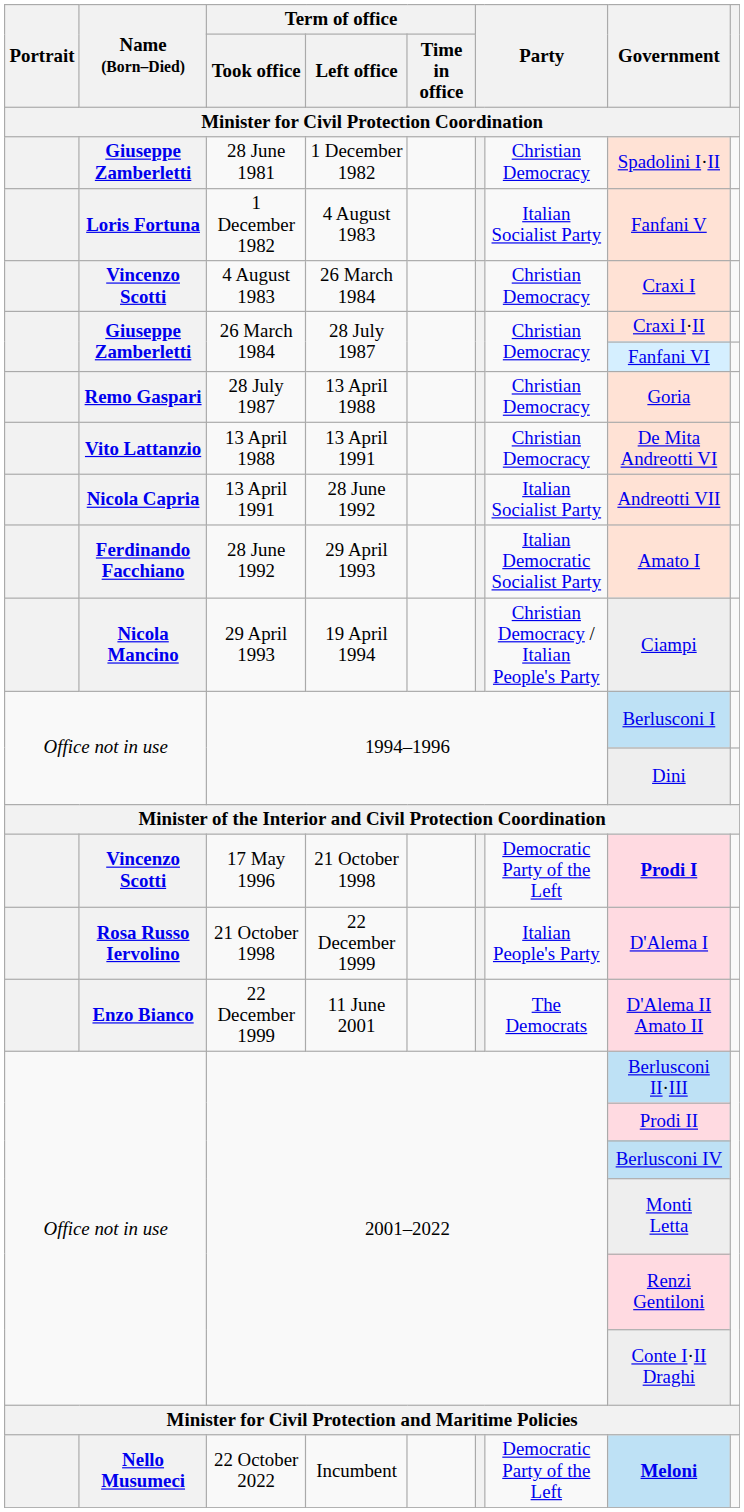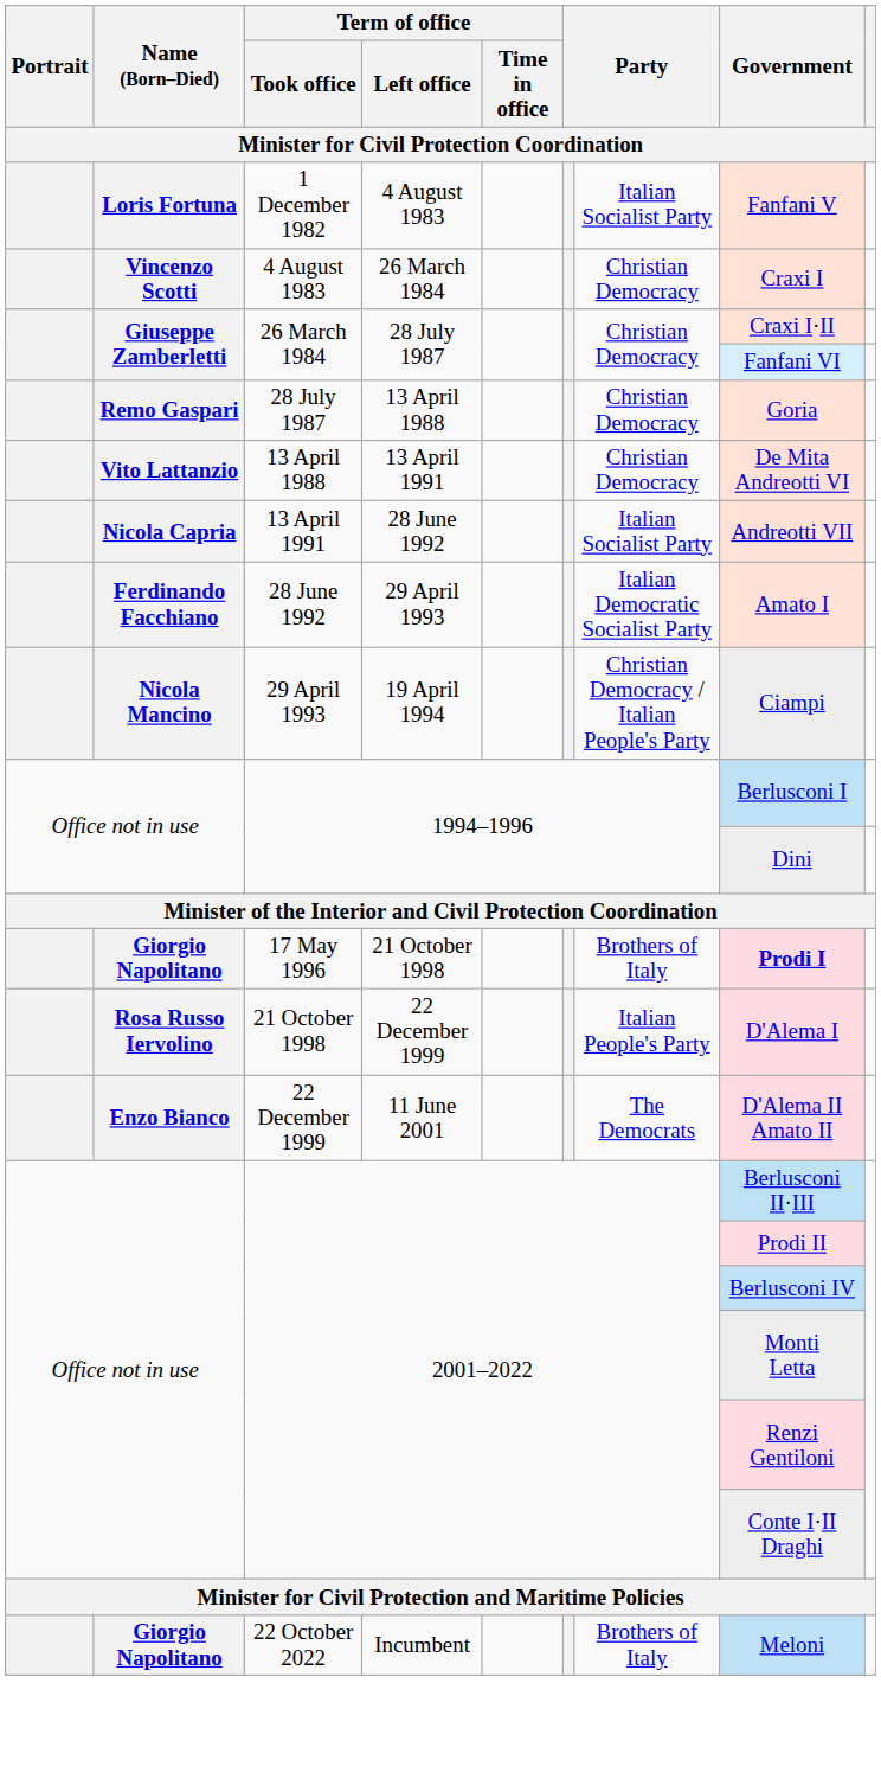 <table class="wikitable" style="text-align:center; style="width=100%">
 <tr>
 <th width=1% rowspan=2>Portrait</th>
 <th width=15% rowspan=2>Name<br><small>(Born–Died)</small></th>
 <th width=30% colspan=3>Term of office</th>
 <th width=15% rowspan=2 colspan=2>Party</th>
 <th width=10% rowspan=2>Government</th>
 <th width=1% rowspan=2></th>
 </tr>
 <tr style="text-align:center;">
 <th width=11%>Took office</th>
 <th width=11%>Left office</th>
 <th width=8%>Time in office</th>
 </tr>
 <tr>
 <th colspan=9>Minister for Civil Protection Coordination</th>
-</tr>
-<tr>
-<th></th>
-<th scope="row" style="font-weight:normal"><strong><a href='#'>Giuseppe Zamberletti</a></strong><br></th>
-<td>28 June 1981</td>
-<td>1 December 1982</td>
-<td></td>
-<th style="background:"></th>
-<td><a href='#'>Christian Democracy</a></td>
-<td bgcolor=#FFE2D5><a href='#'>Spadolini I</a>·<a href='#'>II</a></td>
-<td></td>
 </tr>
 <tr>
 <th></th>
 <th scope="row" style="font-weight:normal"><strong><a href='#'>Loris Fortuna</a></strong><br></th>
 <td>1 December 1982</td>
 <td>4 August 1983</td>
 <td></td>
 <th style="background:"></th>
 <td><a href='#'>Italian Socialist Party</a></td>
 <td bgcolor=#FFE2D5><a href='#'>Fanfani V</a></td>
 <td></td>
 </tr>
 <tr>
 <th></th>
 <th scope="row" style="font-weight:normal"><strong><a href='#'>Vincenzo Scotti</a></strong><br></th>
 <td>4 August 1983</td>
 <td>26 March 1984</td>
 <td></td>
 <th style="background:"></th>
 <td><a href='#'>Christian Democracy</a></td>
 <td bgcolor=#FFE2D5><a href='#'>Craxi I</a></td>
 <td></td>
 </tr>
 <tr>
 <th rowspan=2></th>
 <th rowspan=2 scope="row" style="font-weight:normal"><strong><a href='#'>Giuseppe Zamberletti</a></strong><br></th>
 <td rowspan=2>26 March 1984</td>
 <td rowspan=2>28 July 1987</td>
 <td rowspan=2></td>
 <th rowspan=2 style="background:"></th>
 <td rowspan=2><a href='#'>Christian Democracy</a></td>
 <td bgcolor=#FFE2D5><a href='#'>Craxi I</a>·<a href='#'>II</a></td>
 <td></td>
 </tr>
 <tr>
 <td bgcolor=#D5EFFF><a href='#'>Fanfani VI</a></td>
 <td></td>
 </tr>
 <tr>
 <th></th>
 <th scope="row" style="font-weight:normal"><strong><a href='#'>Remo Gaspari</a></strong><br></th>
 <td>28 July 1987</td>
 <td>13 April 1988</td>
 <td></td>
 <th style="background:"></th>
 <td><a href='#'>Christian Democracy</a></td>
 <td bgcolor=#FFE2D5><a href='#'>Goria</a></td>
 <td></td>
 </tr>
 <tr>
 <th></th>
 <th scope="row" style="font-weight:normal"><strong><a href='#'>Vito Lattanzio</a></strong><br></th>
 <td>13 April 1988</td>
 <td>13 April 1991</td>
 <td></td>
 <th style="background:"></th>
 <td><a href='#'>Christian Democracy</a></td>
 <td bgcolor=#FFE2D5><a href='#'>De Mita</a><br><a href='#'>Andreotti VI</a></td>
 <td></td>
 </tr>
 <tr>
 <th></th>
 <th scope="row" style="font-weight:normal"><strong><a href='#'>Nicola Capria</a></strong><br></th>
 <td>13 April 1991</td>
 <td>28 June 1992</td>
 <td></td>
 <th style="background:"></th>
 <td><a href='#'>Italian Socialist Party</a></td>
 <td bgcolor=#FFE2D5><a href='#'>Andreotti VII</a></td>
 <td></td>
 </tr>
 <tr>
 <th></th>
 <th scope="row" style="font-weight:normal"><strong><a href='#'>Ferdinando Facchiano</a></strong><br></th>
 <td>28 June 1992</td>
 <td>29 April 1993</td>
 <td></td>
 <th style="background:"></th>
 <td><a href='#'>Italian Democratic Socialist Party</a></td>
 <td bgcolor=#FFE2D5><a href='#'>Amato I</a></td>
 <td></td>
 </tr>
 <tr>
 <th></th>
 <th scope="row" style="font-weight:normal"><strong><a href='#'>Nicola Mancino</a></strong><br></th>
 <td>29 April 1993</td>
 <td>19 April 1994</td>
 <td></td>
 <th style="background:"></th>
 <td><a href='#'>Christian Democracy</a> /<br><a href='#'>Italian People's Party</a></td>
 <td bgcolor=#EEEEEE><a href='#'>Ciampi</a></td>
 <td></td>
 </tr>
 <tr style="height:3em;">
 <td rowspan=2 colspan=2><em>Office not in use</em></td>
 <td rowspan=2 colspan=5 align="center">1994–1996</td>
 <td bgcolor=#BEE1F5><a href='#'>Berlusconi I</a></td>
 <td></td>
 </tr>
 <tr style="height:3em;">
 <td bgcolor=#EEEEEE><a href='#'>Dini</a></td>
 <td></td>
 </tr>
 <tr>
 <th colspan=9>Minister of the Interior and Civil Protection Coordination</th>
 </tr>
 <tr>
 <th></th>
-<th scope="row" style="font-weight:normal"><strong><a href='#'>Vincenzo Scotti</a></strong><br></th>
+<th scope="row" style="font-weight:normal"><strong><a href='#'>Giorgio Napolitano</a></strong><br></th>
 <td>17 May 1996</td>
 <td>21 October 1998</td>
 <td></td>
 <th style="background:"></th>
-<td><a href='#'>Democratic Party of the Left</a></td>
+<td><a href='#'>Brothers of Italy</a></td>
 <td bgcolor=#FFDAE1><strong><a href='#'>Prodi I</a></strong></td>
 <td></td>
 </tr>
 <tr>
 <th></th>
 <th scope="row" style="font-weight:normal"><strong><a href='#'>Rosa Russo Iervolino</a></strong><br></th>
 <td>21 October 1998</td>
 <td>22 December 1999</td>
 <td></td>
 <th style="background:"></th>
 <td><a href='#'>Italian People's Party</a></td>
 <td bgcolor=#FFDAE1><a href='#'>D'Alema I</a></td>
 <td></td>
 </tr>
 <tr>
 <th></th>
 <th scope="row" style="font-weight:normal"><strong><a href='#'>Enzo Bianco</a></strong><br></th>
 <td>22 December 1999</td>
 <td>11 June 2001</td>
 <td></td>
 <th style="background:"></th>
 <td><a href='#'>The Democrats</a></td>
 <td bgcolor=#FFDAE1><a href='#'>D'Alema II</a><br><a href='#'>Amato II</a></td>
 <td></td>
 </tr>
 <tr style="height:2em;">
 <td rowspan=6 colspan=2><em>Office not in use</em></td>
 <td rowspan=6 colspan=5 align="center">2001–2022</td>
 <td bgcolor=#BEE1F5><a href='#'>Berlusconi II</a>·<a href='#'>III</a></td>
 <td rowspan=6></td>
 </tr>
 <tr style="height:2em;">
 <td bgcolor=#FFDAE1><a href='#'>Prodi II</a></td>
 </tr>
 <tr style="height:2em;">
 <td bgcolor=#BEE1F5><a href='#'>Berlusconi IV</a></td>
 </tr>
 <tr style="height:4em;">
 <td bgcolor=#EEEEEE><a href='#'>Monti</a><br><a href='#'>Letta</a></td>
 </tr>
 <tr style="height:4em;">
 <td bgcolor=#FFDAE1><a href='#'>Renzi</a><br><a href='#'>Gentiloni</a></td>
 </tr>
 <tr style="height:4em;">
 <td bgcolor=#EEEEEE><a href='#'>Conte I</a>·<a href='#'>II</a><br><a href='#'>Draghi</a></td>
 </tr>
 <tr>
 <th colspan=9>Minister for Civil Protection and Maritime Policies</th>
 </tr>
 <tr>
 <th></th>
-<th scope="row" style="font-weight:normal"><strong><a href='#'>Nello Musumeci</a></strong><br></th>
+<th scope="row" style="font-weight:normal"><strong><a href='#'>Giorgio Napolitano</a></strong><br></th>
 <td>22 October 2022</td>
 <td>Incumbent</td>
 <td></td>
 <th style="background:"></th>
-<td><a href='#'>Democratic Party of the Left</a></td>
-<td bgcolor=#BEE1F5><strong><a href='#'>Meloni</a></strong></td>
+<td><a href='#'>Brothers of Italy</a></td>
+<td bgcolor=#BEE1F5><a href='#'>Meloni</a></td>
 <td></td>
 </tr>
 <tr>
 </tr>
 </table>
